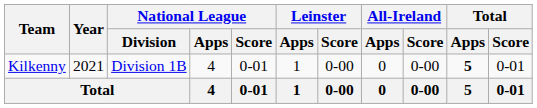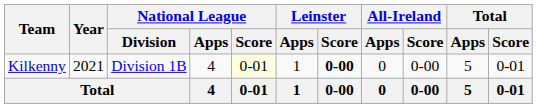 <table class="wikitable" style="text-align:center">
 <tr>
 <th rowspan="2">Team</th>
 <th rowspan="2">Year</th>
 <th colspan="3"><a href='#'>National League</a></th>
 <th colspan="2"><a href='#'>Leinster</a></th>
 <th colspan="2"><a href='#'>All-Ireland</a></th>
 <th colspan="2">Total</th>
 </tr>
 <tr>
 <th>Division</th>
 <th>Apps</th>
 <th>Score</th>
 <th>Apps</th>
 <th>Score</th>
 <th>Apps</th>
 <th>Score</th>
 <th>Apps</th>
 <th>Score</th>
 </tr>
 <tr>
 <td rowspan="1"><a href='#'>Kilkenny</a></td>
 <td>2021</td>
 <td rowspan="1"><a href='#'>Division 1B</a></td>
 <td>4</td>
-<td>0-01</td>
+<td style="background: lightyellow;">0-01</td>
 <td>1</td>
-<td>0-00</td>
+<td><strong>0-00</strong></td>
 <td>0</td>
 <td>0-00</td>
-<td><strong>5</strong></td>
+<td>5</td>
 <td>0-01</td>
 </tr>
 <tr>
 <th colspan="3">Total</th>
 <th>4</th>
 <th>0-01</th>
 <th>1</th>
 <th>0-00</th>
 <th>0</th>
 <th>0-00</th>
 <th>5</th>
 <th>0-01</th>
 </tr>
 </table>
